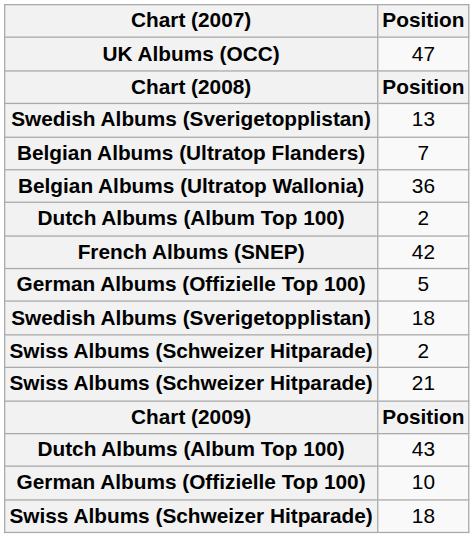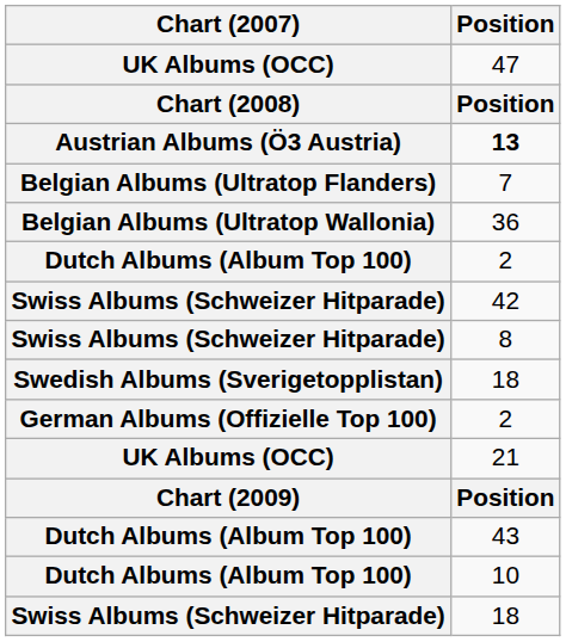 <table class="wikitable plainrowheaders">
 <tr>
 <th>Chart (2007)</th>
 <th>Position</th>
 </tr>
 <tr>
 <th scope="row">UK Albums (OCC)</th>
 <td style="text-align:center;">47</td>
 </tr>
 <tr>
 <th>Chart (2008)</th>
 <th>Position</th>
 </tr>
 <tr>
-<th scope="row">Swedish Albums (Sverigetopplistan)</th>
-<td style="text-align:center;">13</td>
+<th scope="row">Austrian Albums (Ö3 Austria)</th>
+<td style="text-align:center;"><strong>13</strong></td>
 </tr>
 <tr>
 <th scope="row">Belgian Albums (Ultratop Flanders)</th>
 <td style="text-align:center;">7</td>
 </tr>
 <tr>
 <th scope="row">Belgian Albums (Ultratop Wallonia)</th>
 <td style="text-align:center;">36</td>
 </tr>
 <tr>
 <th scope="row">Dutch Albums (Album Top 100)</th>
 <td style="text-align:center;">2</td>
 </tr>
 <tr>
-<th scope="row">French Albums (SNEP)</th>
+<th scope="row">Swiss Albums (Schweizer Hitparade)</th>
 <td style="text-align:center;">42</td>
 </tr>
 <tr>
-<th scope="row">German Albums (Offizielle Top 100)</th>
-<td style="text-align:center;">5</td>
+<th scope="row">Swiss Albums (Schweizer Hitparade)</th>
+<td style="text-align:center;">8</td>
 </tr>
 <tr>
 <th scope="row">Swedish Albums (Sverigetopplistan)</th>
 <td style="text-align:center;">18</td>
 </tr>
 <tr>
-<th scope="row">Swiss Albums (Schweizer Hitparade)</th>
+<th scope="row">German Albums (Offizielle Top 100)</th>
 <td style="text-align:center;">2</td>
 </tr>
 <tr>
-<th scope="row">Swiss Albums (Schweizer Hitparade)</th>
+<th scope="row">UK Albums (OCC)</th>
 <td style="text-align:center;">21</td>
 </tr>
 <tr>
 <th>Chart (2009)</th>
 <th>Position</th>
 </tr>
 <tr>
 <th scope="row">Dutch Albums (Album Top 100)</th>
 <td style="text-align:center;">43</td>
 </tr>
 <tr>
-<th scope="row">German Albums (Offizielle Top 100)</th>
+<th scope="row">Dutch Albums (Album Top 100)</th>
 <td style="text-align:center;">10</td>
 </tr>
 <tr>
 <th scope="row">Swiss Albums (Schweizer Hitparade)</th>
 <td style="text-align:center;">18</td>
 </tr>
 </table>
